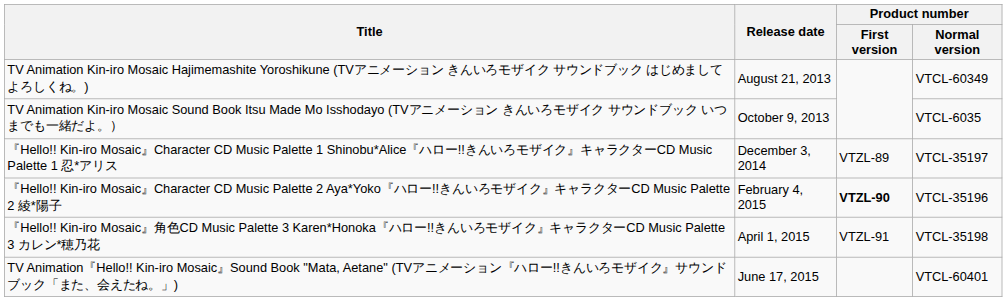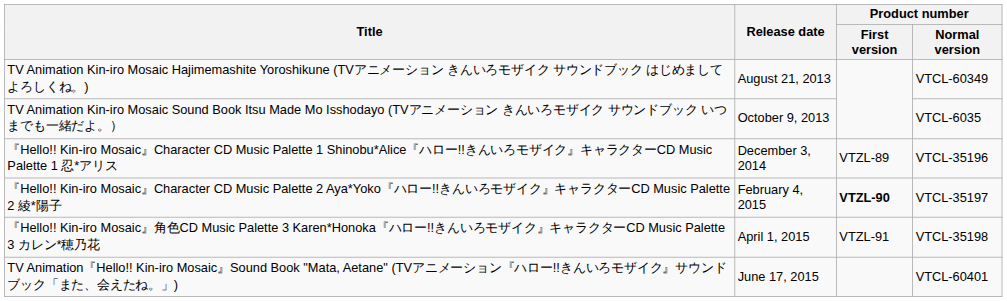 <table class="wikitable">
 <tr>
 <th rowspan="2">Title</th>
 <th rowspan="2">Release date</th>
 <th colspan="2">Product number</th>
 </tr>
 <tr>
 <th>First version</th>
 <th>Normal version</th>
 </tr>
 <tr>
 <td>TV Animation Kin-iro Mosaic Hajimemashite Yoroshikune (TVアニメーション きんいろモザイク サウンドブック はじめまして よろしくね。)</td>
 <td>August 21, 2013</td>
 <td rowspan="2"></td>
 <td>VTCL-60349</td>
 </tr>
 <tr>
 <td>TV Animation Kin-iro Mosaic Sound Book Itsu Made Mo Isshodayo (TVアニメーション きんいろモザイク サウンドブック いつまでも一緒だよ。）</td>
 <td>October 9, 2013</td>
 <td>VTCL-6035</td>
 </tr>
 <tr>
 <td>『Hello!! Kin-iro Mosaic』Character CD Music Palette 1 Shinobu*Alice『ハロー!!きんいろモザイク』キャラクターCD Music Palette 1 忍*アリス</td>
 <td>December 3, 2014</td>
 <td>VTZL-89</td>
-<td>VTCL-35197</td>
+<td>VTCL-35196</td>
 </tr>
 <tr>
 <td>『Hello!! Kin-iro Mosaic』Character CD Music Palette 2 Aya*Yoko『ハロー!!きんいろモザイク』キャラクターCD Music Palette 2 綾*陽子</td>
 <td>February 4, 2015</td>
 <td><strong>VTZL-90</strong></td>
-<td>VTCL-35196</td>
+<td>VTCL-35197</td>
 </tr>
 <tr>
 <td>『Hello!! Kin-iro Mosaic』角色CD Music Palette 3 Karen*Honoka『ハロー!!きんいろモザイク』キャラクターCD Music Palette 3 カレン*穂乃花</td>
 <td>April 1, 2015</td>
 <td>VTZL-91</td>
 <td>VTCL-35198</td>
 </tr>
 <tr>
 <td>TV Animation『Hello!! Kin-iro Mosaic』Sound Book "Mata, Aetane" (TVアニメーション『ハロー!!きんいろモザイク』サウンドブック「また、会えたね。」)</td>
 <td>June 17, 2015</td>
 <td></td>
 <td>VTCL-60401</td>
 </tr>
 </table>
